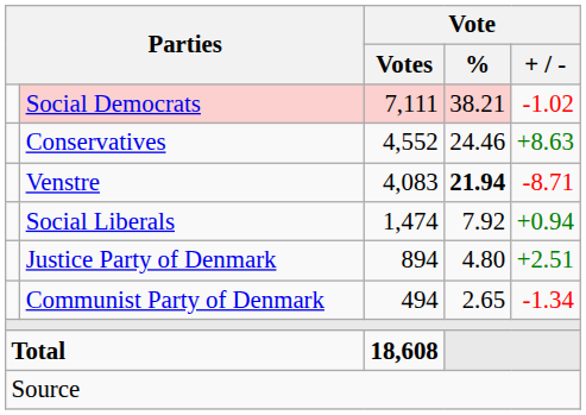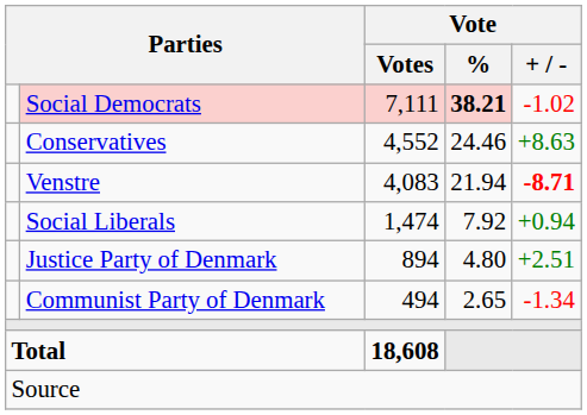 <table class="wikitable" style="text-align:right;">
 <tr>
 <th style="text-align:centre;" rowspan="2" colspan="2" width="225">Parties</th>
 <th colspan="3">Vote</th>
 </tr>
 <tr>
 <th width="15">Votes</th>
 <th width="15">%</th>
 <th width="15">+ / -</th>
 </tr>
 <tr>
 <td width="2" style="color:inherit;background:"></td>
 <td bgcolor=#fbd0ce  align="left"><a href='#'>Social Democrats</a></td>
 <td bgcolor=#fbd0ce>7,111</td>
-<td bgcolor=#fbd0ce>38.21</td>
+<td bgcolor=#fbd0ce><strong>38.21</strong></td>
 <td style=color:red;>-1.02</td>
 </tr>
 <tr>
 <td width="2" style="color:inherit;background:"></td>
 <td align="left"><a href='#'>Conservatives</a></td>
 <td>4,552</td>
 <td>24.46</td>
 <td style=color:green;>+8.63</td>
 </tr>
 <tr>
 <td width="2" style="color:inherit;background:"></td>
 <td align="left"><a href='#'>Venstre</a></td>
 <td>4,083</td>
-<td><strong>21.94</strong></td>
-<td style=color:red;>-8.71</td>
+<td>21.94</td>
+<td style=color:red;><strong>-8.71</strong></td>
 </tr>
 <tr>
 <td width="2" style="color:inherit;background:"></td>
 <td align="left"><a href='#'>Social Liberals</a></td>
 <td>1,474</td>
 <td>7.92</td>
 <td style=color:green;>+0.94</td>
 </tr>
 <tr>
 <td width="2" style="color:inherit;background:"></td>
 <td align="left"><a href='#'>Justice Party of Denmark</a></td>
 <td>894</td>
 <td>4.80</td>
 <td style=color:green;>+2.51</td>
 </tr>
 <tr>
 <td width="2" style="color:inherit;background:"></td>
 <td align="left"><a href='#'>Communist Party of Denmark</a></td>
 <td>494</td>
 <td>2.65</td>
 <td style=color:red;>-1.34</td>
 </tr>
 <tr>
 <td colspan="7" bgcolor="#E9E9E9"></td>
 </tr>
 <tr>
 <td align="left" colspan="2"><strong>Total</strong></td>
 <td><strong>18,608</strong></td>
 <td bgcolor="#E9E9E9" colspan="2"></td>
 </tr>
 <tr>
 <td align="left" colspan="6">Source</td>
 </tr>
 </table>
